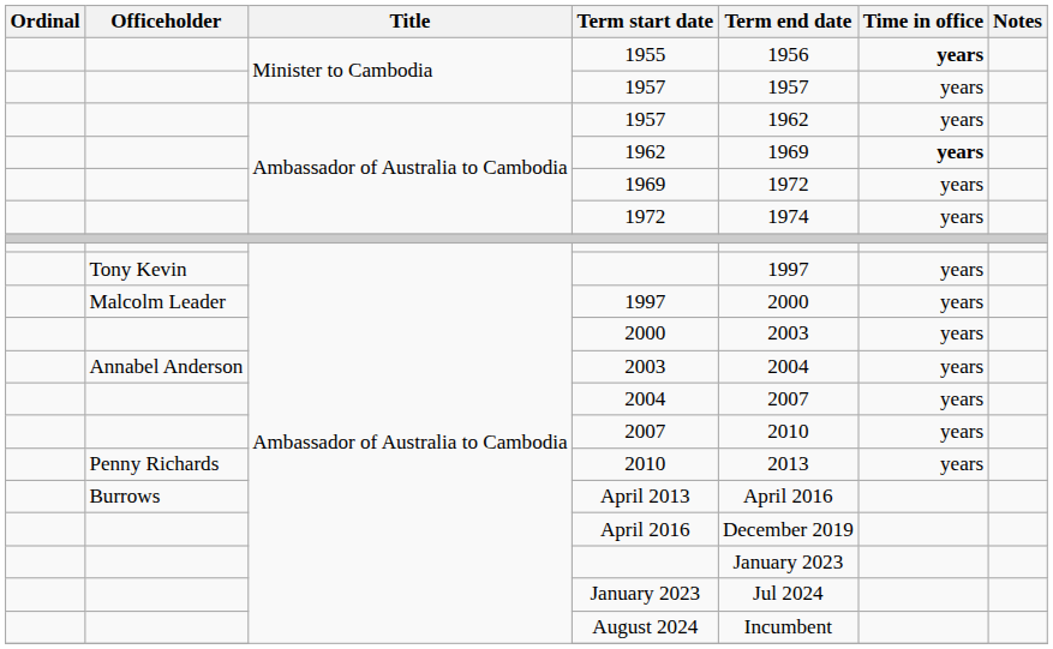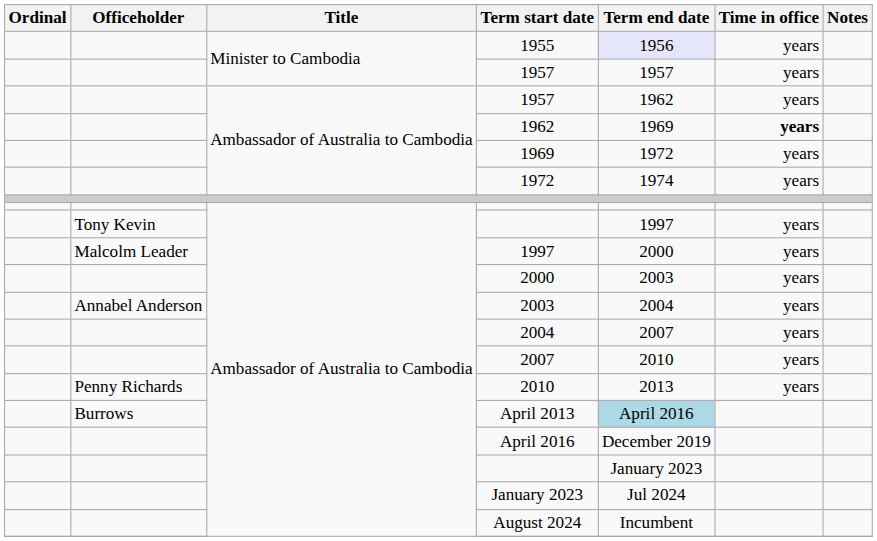 <table class='wikitable sortable'>
 <tr>
 <th>Ordinal</th>
 <th>Officeholder</th>
 <th>Title</th>
 <th>Term start date</th>
 <th>Term end date</th>
 <th>Time in office</th>
 <th>Notes</th>
 </tr>
 <tr>
 <td align=center></td>
 <td></td>
 <td rowspan=2>Minister to Cambodia</td>
 <td align=center>1955</td>
-<td align=center>1956</td>
-<td align=right><strong> years</strong></td>
+<td align=center style="background: lavender;">1956</td>
+<td align=right> years</td>
 <td></td>
 </tr>
 <tr>
 <td align=center></td>
 <td></td>
 <td align=center>1957</td>
 <td align=center>1957</td>
 <td align=right> years</td>
 <td></td>
 </tr>
 <tr>
 <td align=center></td>
 <td></td>
 <td rowspan=4>Ambassador of Australia to Cambodia</td>
 <td align=center>1957</td>
 <td align=center>1962</td>
 <td align=right> years</td>
 <td></td>
 </tr>
 <tr>
 <td align=center></td>
 <td></td>
 <td align=center>1962</td>
 <td align=center>1969</td>
 <td align=right><strong> years</strong></td>
 <td></td>
 </tr>
 <tr>
 <td align=center></td>
 <td></td>
 <td align=center>1969</td>
 <td align=center>1972</td>
 <td align=right> years</td>
 <td></td>
 </tr>
 <tr>
 <td align=center></td>
 <td></td>
 <td align=center>1972</td>
 <td align=center>1974</td>
 <td align=right> years</td>
 <td></td>
 </tr>
 <tr>
 <th colspan=7 style="background: #cccccc;"></th>
 </tr>
 <tr>
 <td align=center></td>
 <td></td>
 <td rowspan=14>Ambassador of Australia to Cambodia</td>
 <td align=center></td>
 <td align=center></td>
 <td align=right></td>
 <td></td>
 </tr>
 <tr>
 <td align=center></td>
 <td>Tony Kevin</td>
 <td align=center></td>
 <td align=center>1997</td>
 <td align=right> years</td>
 <td></td>
 </tr>
 <tr>
 <td align=center></td>
 <td>Malcolm Leader</td>
 <td align=center>1997</td>
 <td align=center>2000</td>
 <td align=right> years</td>
 <td></td>
 </tr>
 <tr>
 <td align=center></td>
 <td></td>
 <td align=center>2000</td>
 <td align=center>2003</td>
 <td align=right> years</td>
 <td></td>
 </tr>
 <tr>
 <td align=center></td>
 <td>Annabel Anderson</td>
 <td align=center>2003</td>
 <td align=center>2004</td>
 <td align=right> years</td>
 <td></td>
 </tr>
 <tr>
 <td align=center></td>
 <td></td>
 <td align=center>2004</td>
 <td align=center>2007</td>
 <td align=right> years</td>
 <td></td>
 </tr>
 <tr>
 <td align=center></td>
 <td></td>
 <td align=center>2007</td>
 <td align=center>2010</td>
 <td align=right> years</td>
 <td></td>
 </tr>
 <tr>
 <td align=center></td>
 <td>Penny Richards</td>
 <td align=center>2010</td>
 <td align=center>2013</td>
 <td align=right> years</td>
 <td></td>
 </tr>
 <tr>
 <td align=center></td>
 <td Alison>Burrows</td>
 <td align=center>April 2013</td>
-<td align=center>April 2016</td>
+<td align=center style="background: lightblue;">April 2016</td>
 <td align=right></td>
 <td></td>
 </tr>
 <tr>
 <td align=center></td>
 <td></td>
 <td align=center>April 2016</td>
 <td align=center>December 2019</td>
 <td align=right></td>
 <td></td>
 </tr>
 <tr>
 <td align=center></td>
 <td></td>
 <td align=center></td>
 <td align=center>January 2023</td>
 <td align=right></td>
 <td></td>
 </tr>
 <tr>
 <td align=center></td>
 <td></td>
 <td align=center>January 2023</td>
 <td align=center>Jul 2024</td>
 <td align=right></td>
 <td></td>
 </tr>
 <tr>
 <td align=center></td>
 <td></td>
 <td align=center>August 2024</td>
 <td align=center>Incumbent</td>
 <td align=right></td>
 <td></td>
 </tr>
 <tr>
 </tr>
 </table>
